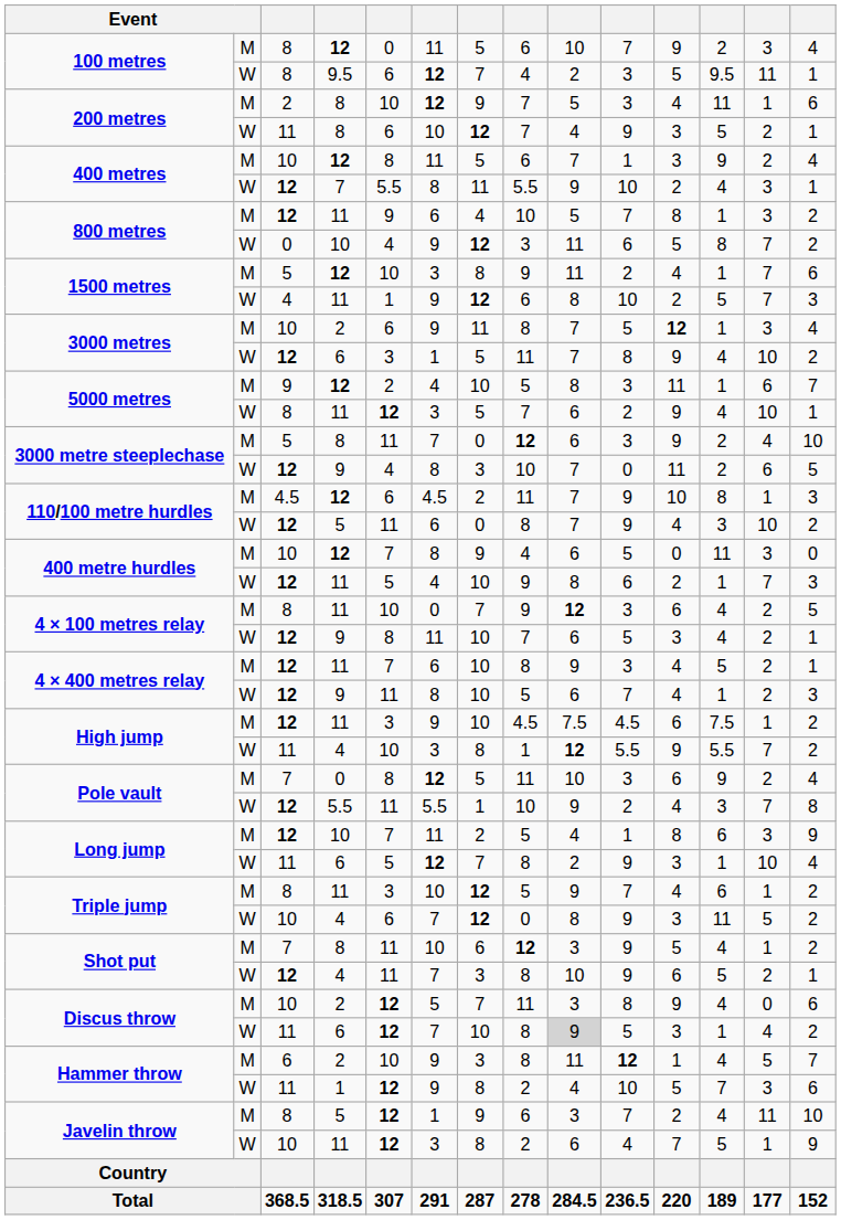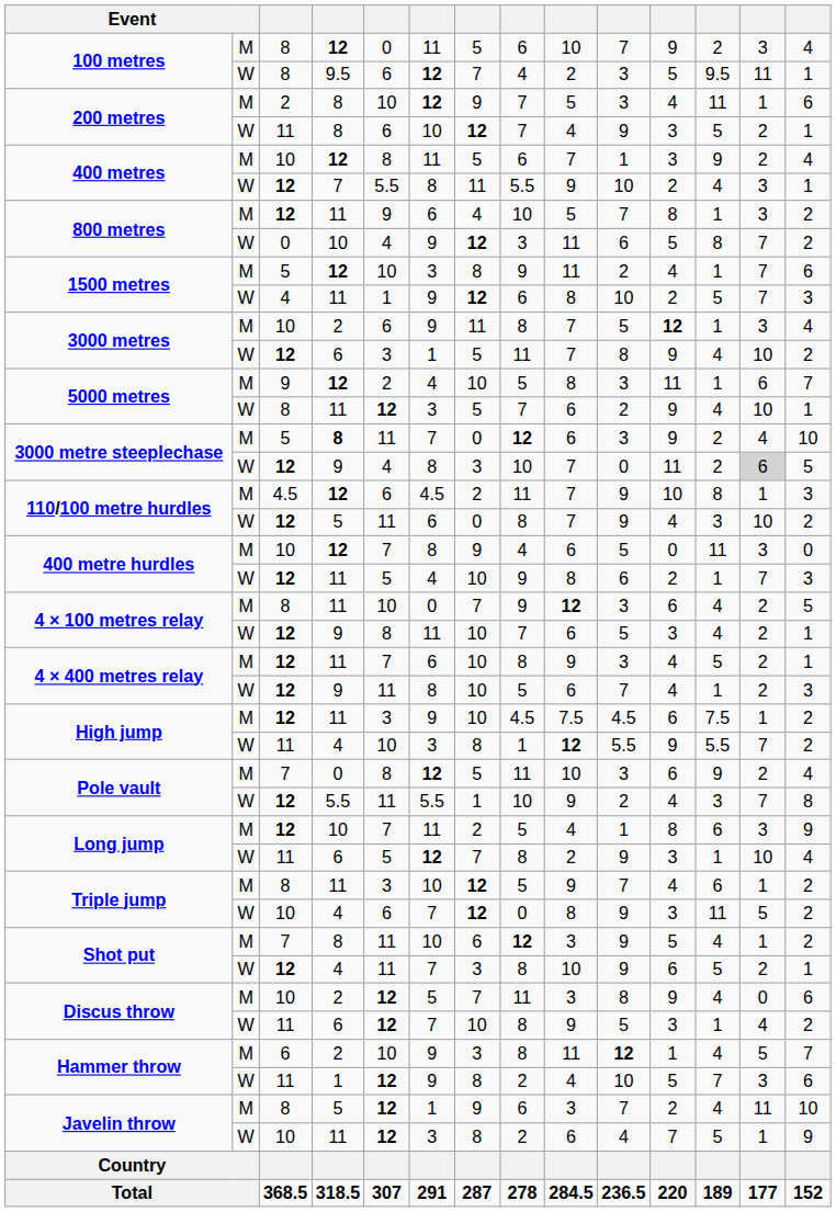 <table class="wikitable" style="font-size:90%; text-align:center;">
 <tr>
 <th style="width:200px;" colspan="2">Event</th>
 <th width=30></th>
 <th width=30></th>
 <th width=30></th>
 <th width=30></th>
 <th width=30></th>
 <th width=30></th>
 <th width=30></th>
 <th width=30></th>
 <th width=30></th>
 <th width=30></th>
 <th width=30></th>
 <th width=30></th>
 </tr>
 <tr>
 <td rowspan=2><strong><a href='#'>100 metres</a></strong></td>
 <td>M</td>
 <td>8</td>
 <td><strong>12</strong></td>
 <td>0</td>
 <td>11</td>
 <td>5</td>
 <td>6</td>
 <td>10</td>
 <td>7</td>
 <td>9</td>
 <td>2</td>
 <td>3</td>
 <td>4</td>
 </tr>
 <tr>
 <td>W</td>
 <td>8</td>
 <td>9.5</td>
 <td>6</td>
 <td><strong>12</strong></td>
 <td>7</td>
 <td>4</td>
 <td>2</td>
 <td>3</td>
 <td>5</td>
 <td>9.5</td>
 <td>11</td>
 <td>1</td>
 </tr>
 <tr>
 <td rowspan=2><strong><a href='#'>200 metres</a></strong></td>
 <td>M</td>
 <td>2</td>
 <td>8</td>
 <td>10</td>
 <td><strong>12</strong></td>
 <td>9</td>
 <td>7</td>
 <td>5</td>
 <td>3</td>
 <td>4</td>
 <td>11</td>
 <td>1</td>
 <td>6</td>
 </tr>
 <tr>
 <td>W</td>
 <td>11</td>
 <td>8</td>
 <td>6</td>
 <td>10</td>
 <td><strong>12</strong></td>
 <td>7</td>
 <td>4</td>
 <td>9</td>
 <td>3</td>
 <td>5</td>
 <td>2</td>
 <td>1</td>
 </tr>
 <tr>
 <td rowspan=2><strong><a href='#'>400 metres</a></strong></td>
 <td>M</td>
 <td>10</td>
 <td><strong>12</strong></td>
 <td>8</td>
 <td>11</td>
 <td>5</td>
 <td>6</td>
 <td>7</td>
 <td>1</td>
 <td>3</td>
 <td>9</td>
 <td>2</td>
 <td>4</td>
 </tr>
 <tr>
 <td>W</td>
 <td><strong>12</strong></td>
 <td>7</td>
 <td>5.5</td>
 <td>8</td>
 <td>11</td>
 <td>5.5</td>
 <td>9</td>
 <td>10</td>
 <td>2</td>
 <td>4</td>
 <td>3</td>
 <td>1</td>
 </tr>
 <tr>
 <td rowspan=2><strong><a href='#'>800 metres</a></strong></td>
 <td>M</td>
 <td><strong>12</strong></td>
 <td>11</td>
 <td>9</td>
 <td>6</td>
 <td>4</td>
 <td>10</td>
 <td>5</td>
 <td>7</td>
 <td>8</td>
 <td>1</td>
 <td>3</td>
 <td>2</td>
 </tr>
 <tr>
 <td>W</td>
 <td>0</td>
 <td>10</td>
 <td>4</td>
 <td>9</td>
 <td><strong>12</strong></td>
 <td>3</td>
 <td>11</td>
 <td>6</td>
 <td>5</td>
 <td>8</td>
 <td>7</td>
 <td>2</td>
 </tr>
 <tr>
 <td rowspan=2><strong><a href='#'>1500 metres</a></strong></td>
 <td>M</td>
 <td>5</td>
 <td><strong>12</strong></td>
 <td>10</td>
 <td>3</td>
 <td>8</td>
 <td>9</td>
 <td>11</td>
 <td>2</td>
 <td>4</td>
 <td>1</td>
 <td>7</td>
 <td>6</td>
 </tr>
 <tr>
 <td>W</td>
 <td>4</td>
 <td>11</td>
 <td>1</td>
 <td>9</td>
 <td><strong>12</strong></td>
 <td>6</td>
 <td>8</td>
 <td>10</td>
 <td>2</td>
 <td>5</td>
 <td>7</td>
 <td>3</td>
 </tr>
 <tr>
 <td rowspan=2><strong><a href='#'>3000 metres</a></strong></td>
 <td>M</td>
 <td>10</td>
 <td>2</td>
 <td>6</td>
 <td>9</td>
 <td>11</td>
 <td>8</td>
 <td>7</td>
 <td>5</td>
 <td><strong>12</strong></td>
 <td>1</td>
 <td>3</td>
 <td>4</td>
 </tr>
 <tr>
 <td>W</td>
 <td><strong>12</strong></td>
 <td>6</td>
 <td>3</td>
 <td>1</td>
 <td>5</td>
 <td>11</td>
 <td>7</td>
 <td>8</td>
 <td>9</td>
 <td>4</td>
 <td>10</td>
 <td>2</td>
 </tr>
 <tr>
 <td rowspan=2><strong><a href='#'>5000 metres</a></strong></td>
 <td>M</td>
 <td>9</td>
 <td><strong>12</strong></td>
 <td>2</td>
 <td>4</td>
 <td>10</td>
 <td>5</td>
 <td>8</td>
 <td>3</td>
 <td>11</td>
 <td>1</td>
 <td>6</td>
 <td>7</td>
 </tr>
 <tr>
 <td>W</td>
 <td>8</td>
 <td>11</td>
 <td><strong>12</strong></td>
 <td>3</td>
 <td>5</td>
 <td>7</td>
 <td>6</td>
 <td>2</td>
 <td>9</td>
 <td>4</td>
 <td>10</td>
 <td>1</td>
 </tr>
 <tr>
 <td rowspan=2><strong><a href='#'>3000 metre steeplechase</a></strong></td>
 <td>M</td>
 <td>5</td>
-<td>8</td>
+<td><strong>8</strong></td>
 <td>11</td>
 <td>7</td>
 <td>0</td>
 <td><strong>12</strong></td>
 <td>6</td>
 <td>3</td>
 <td>9</td>
 <td>2</td>
 <td>4</td>
 <td>10</td>
 </tr>
 <tr>
 <td>W</td>
 <td><strong>12</strong></td>
 <td>9</td>
 <td>4</td>
 <td>8</td>
 <td>3</td>
 <td>10</td>
 <td>7</td>
 <td>0</td>
 <td>11</td>
 <td>2</td>
-<td>6</td>
+<td style="background: lightgrey;">6</td>
 <td>5</td>
 </tr>
 <tr>
 <td rowspan=2><strong><a href='#'>110</a>/<a href='#'>100 metre hurdles</a></strong></td>
 <td>M</td>
 <td>4.5</td>
 <td><strong>12</strong></td>
 <td>6</td>
 <td>4.5</td>
 <td>2</td>
 <td>11</td>
 <td>7</td>
 <td>9</td>
 <td>10</td>
 <td>8</td>
 <td>1</td>
 <td>3</td>
 </tr>
 <tr>
 <td>W</td>
 <td><strong>12</strong></td>
 <td>5</td>
 <td>11</td>
 <td>6</td>
 <td>0</td>
 <td>8</td>
 <td>7</td>
 <td>9</td>
 <td>4</td>
 <td>3</td>
 <td>10</td>
 <td>2</td>
 </tr>
 <tr>
 <td rowspan=2><strong><a href='#'>400 metre hurdles</a></strong></td>
 <td>M</td>
 <td>10</td>
 <td><strong>12</strong></td>
 <td>7</td>
 <td>8</td>
 <td>9</td>
 <td>4</td>
 <td>6</td>
 <td>5</td>
 <td>0</td>
 <td>11</td>
 <td>3</td>
 <td>0</td>
 </tr>
 <tr>
 <td>W</td>
 <td><strong>12</strong></td>
 <td>11</td>
 <td>5</td>
 <td>4</td>
 <td>10</td>
 <td>9</td>
 <td>8</td>
 <td>6</td>
 <td>2</td>
 <td>1</td>
 <td>7</td>
 <td>3</td>
 </tr>
 <tr>
 <td rowspan=2><strong><a href='#'>4 × 100 metres relay</a></strong></td>
 <td>M</td>
 <td>8</td>
 <td>11</td>
 <td>10</td>
 <td>0</td>
 <td>7</td>
 <td>9</td>
 <td><strong>12</strong></td>
 <td>3</td>
 <td>6</td>
 <td>4</td>
 <td>2</td>
 <td>5</td>
 </tr>
 <tr>
 <td>W</td>
 <td><strong>12</strong></td>
 <td>9</td>
 <td>8</td>
 <td>11</td>
 <td>10</td>
 <td>7</td>
 <td>6</td>
 <td>5</td>
 <td>3</td>
 <td>4</td>
 <td>2</td>
 <td>1</td>
 </tr>
 <tr>
 <td rowspan=2><strong><a href='#'>4 × 400 metres relay</a></strong></td>
 <td>M</td>
 <td><strong>12</strong></td>
 <td>11</td>
 <td>7</td>
 <td>6</td>
 <td>10</td>
 <td>8</td>
 <td>9</td>
 <td>3</td>
 <td>4</td>
 <td>5</td>
 <td>2</td>
 <td>1</td>
 </tr>
 <tr>
 <td>W</td>
 <td><strong>12</strong></td>
 <td>9</td>
 <td>11</td>
 <td>8</td>
 <td>10</td>
 <td>5</td>
 <td>6</td>
 <td>7</td>
 <td>4</td>
 <td>1</td>
 <td>2</td>
 <td>3</td>
 </tr>
 <tr>
 <td rowspan=2><strong><a href='#'>High jump</a></strong></td>
 <td>M</td>
 <td><strong>12</strong></td>
 <td>11</td>
 <td>3</td>
 <td>9</td>
 <td>10</td>
 <td>4.5</td>
 <td>7.5</td>
 <td>4.5</td>
 <td>6</td>
 <td>7.5</td>
 <td>1</td>
 <td>2</td>
 </tr>
 <tr>
 <td>W</td>
 <td>11</td>
 <td>4</td>
 <td>10</td>
 <td>3</td>
 <td>8</td>
 <td>1</td>
 <td><strong>12</strong></td>
 <td>5.5</td>
 <td>9</td>
 <td>5.5</td>
 <td>7</td>
 <td>2</td>
 </tr>
 <tr>
 <td rowspan=2><strong><a href='#'>Pole vault</a></strong></td>
 <td>M</td>
 <td>7</td>
 <td>0</td>
 <td>8</td>
 <td><strong>12</strong></td>
 <td>5</td>
 <td>11</td>
 <td>10</td>
 <td>3</td>
 <td>6</td>
 <td>9</td>
 <td>2</td>
 <td>4</td>
 </tr>
 <tr>
 <td>W</td>
 <td><strong>12</strong></td>
 <td>5.5</td>
 <td>11</td>
 <td>5.5</td>
 <td>1</td>
 <td>10</td>
 <td>9</td>
 <td>2</td>
 <td>4</td>
 <td>3</td>
 <td>7</td>
 <td>8</td>
 </tr>
 <tr>
 <td rowspan=2><strong><a href='#'>Long jump</a></strong></td>
 <td>M</td>
 <td><strong>12</strong></td>
 <td>10</td>
 <td>7</td>
 <td>11</td>
 <td>2</td>
 <td>5</td>
 <td>4</td>
 <td>1</td>
 <td>8</td>
 <td>6</td>
 <td>3</td>
 <td>9</td>
 </tr>
 <tr>
 <td>W</td>
 <td>11</td>
 <td>6</td>
 <td>5</td>
 <td><strong>12</strong></td>
 <td>7</td>
 <td>8</td>
 <td>2</td>
 <td>9</td>
 <td>3</td>
 <td>1</td>
 <td>10</td>
 <td>4</td>
 </tr>
 <tr>
 <td rowspan=2><strong><a href='#'>Triple jump</a></strong></td>
 <td>M</td>
 <td>8</td>
 <td>11</td>
 <td>3</td>
 <td>10</td>
 <td><strong>12</strong></td>
 <td>5</td>
 <td>9</td>
 <td>7</td>
 <td>4</td>
 <td>6</td>
 <td>1</td>
 <td>2</td>
 </tr>
 <tr>
 <td>W</td>
 <td>10</td>
 <td>4</td>
 <td>6</td>
 <td>7</td>
 <td><strong>12</strong></td>
 <td>0</td>
 <td>8</td>
 <td>9</td>
 <td>3</td>
 <td>11</td>
 <td>5</td>
 <td>2</td>
 </tr>
 <tr>
 <td rowspan=2><strong><a href='#'>Shot put</a></strong></td>
 <td>M</td>
 <td>7</td>
 <td>8</td>
 <td>11</td>
 <td>10</td>
 <td>6</td>
 <td><strong>12</strong></td>
 <td>3</td>
 <td>9</td>
 <td>5</td>
 <td>4</td>
 <td>1</td>
 <td>2</td>
 </tr>
 <tr>
 <td>W</td>
 <td><strong>12</strong></td>
 <td>4</td>
 <td>11</td>
 <td>7</td>
 <td>3</td>
 <td>8</td>
 <td>10</td>
 <td>9</td>
 <td>6</td>
 <td>5</td>
 <td>2</td>
 <td>1</td>
 </tr>
 <tr>
 <td rowspan=2><strong><a href='#'>Discus throw</a></strong></td>
 <td>M</td>
 <td>10</td>
 <td>2</td>
 <td><strong>12</strong></td>
 <td>5</td>
 <td>7</td>
 <td>11</td>
 <td>3</td>
 <td>8</td>
 <td>9</td>
 <td>4</td>
 <td>0</td>
 <td>6</td>
 </tr>
 <tr>
 <td>W</td>
 <td>11</td>
 <td>6</td>
 <td><strong>12</strong></td>
 <td>7</td>
 <td>10</td>
 <td>8</td>
-<td style="background: lightgrey;">9</td>
+<td>9</td>
 <td>5</td>
 <td>3</td>
 <td>1</td>
 <td>4</td>
 <td>2</td>
 </tr>
 <tr>
 <td rowspan=2><strong><a href='#'>Hammer throw</a></strong></td>
 <td>M</td>
 <td>6</td>
 <td>2</td>
 <td>10</td>
 <td>9</td>
 <td>3</td>
 <td>8</td>
 <td>11</td>
 <td><strong>12</strong></td>
 <td>1</td>
 <td>4</td>
 <td>5</td>
 <td>7</td>
 </tr>
 <tr>
 <td>W</td>
 <td>11</td>
 <td>1</td>
 <td><strong>12</strong></td>
 <td>9</td>
 <td>8</td>
 <td>2</td>
 <td>4</td>
 <td>10</td>
 <td>5</td>
 <td>7</td>
 <td>3</td>
 <td>6</td>
 </tr>
 <tr>
 <td rowspan=2><strong><a href='#'>Javelin throw</a></strong></td>
 <td>M</td>
 <td>8</td>
 <td>5</td>
 <td><strong>12</strong></td>
 <td>1</td>
 <td>9</td>
 <td>6</td>
 <td>3</td>
 <td>7</td>
 <td>2</td>
 <td>4</td>
 <td>11</td>
 <td>10</td>
 </tr>
 <tr>
 <td>W</td>
 <td>10</td>
 <td>11</td>
 <td><strong>12</strong></td>
 <td>3</td>
 <td>8</td>
 <td>2</td>
 <td>6</td>
 <td>4</td>
 <td>7</td>
 <td>5</td>
 <td>1</td>
 <td>9</td>
 </tr>
 <tr>
 <th colspan=2>Country</th>
 <th></th>
 <th></th>
 <th></th>
 <th></th>
 <th></th>
 <th></th>
 <th></th>
 <th></th>
 <th></th>
 <th></th>
 <th></th>
 <th></th>
 </tr>
 <tr>
 <th colspan=2>Total</th>
 <td><strong>368.5</strong></td>
 <td><strong>318.5</strong></td>
 <td><strong>307</strong></td>
 <td><strong>291</strong></td>
 <td><strong>287</strong></td>
 <td><strong>278</strong></td>
 <td><strong>284.5</strong></td>
 <td><strong>236.5</strong></td>
 <td><strong>220</strong></td>
 <td><strong>189</strong></td>
 <td><strong>177</strong></td>
 <td><strong>152</strong></td>
 </tr>
 </table>
